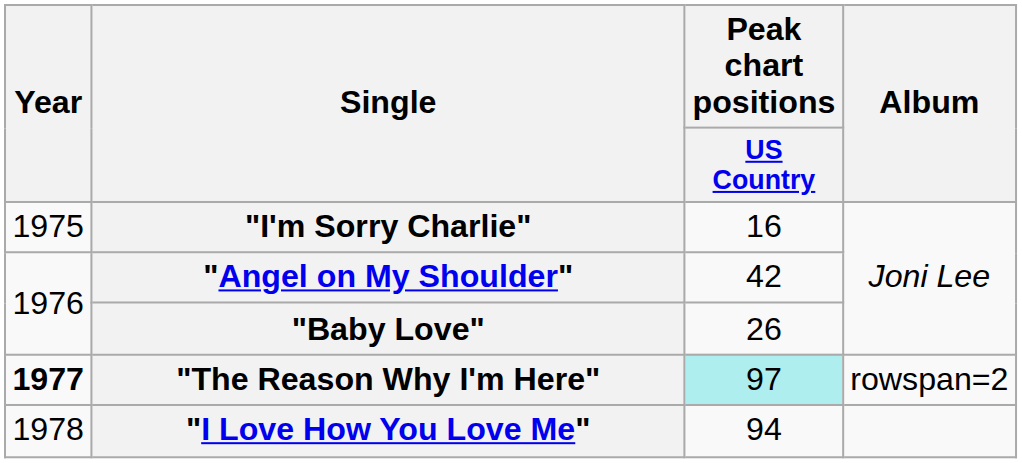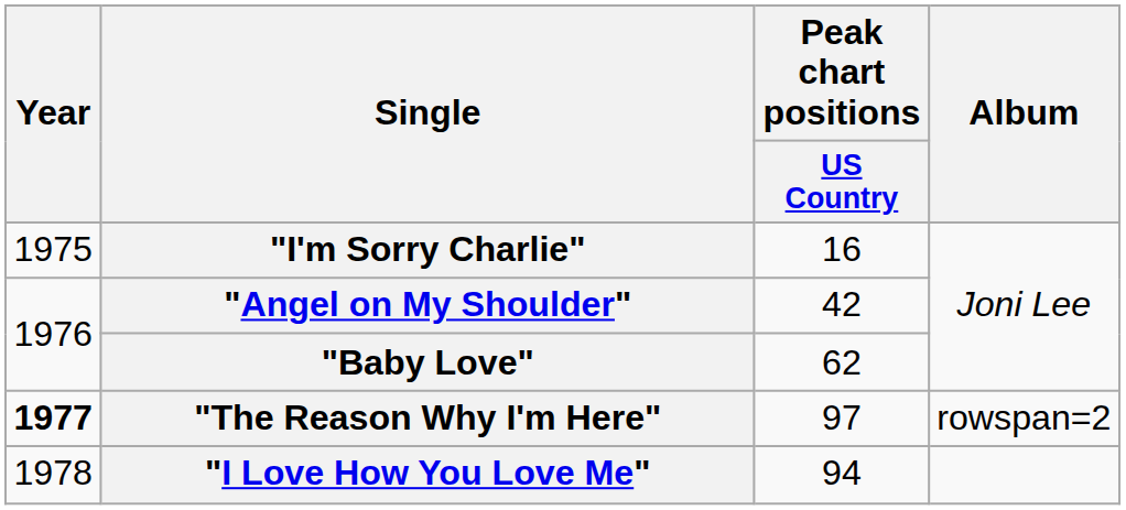 <table class="wikitable plainrowheaders" style="text-align:center;">
 <tr>
 <th rowspan="2">Year</th>
 <th rowspan="2" style="width:18em;">Single</th>
 <th colspan="1">Peak chart<br>positions</th>
 <th rowspan="2">Album</th>
 </tr>
 <tr style="font-size:smaller;">
 <th width="45"><a href='#'>US Country</a></th>
 </tr>
 <tr>
 <td>1975</td>
 <th scope="row">"I'm Sorry Charlie"</th>
 <td>16</td>
 <td rowspan=3><em>Joni Lee</em></td>
 </tr>
 <tr>
 <td rowspan=2>1976</td>
 <th scope="row">"<a href='#'>Angel on My Shoulder</a>"</th>
 <td>42</td>
 </tr>
 <tr>
 <th scope="row">"Baby Love"</th>
-<td>26</td>
+<td>62</td>
 </tr>
 <tr>
 <td><strong>1977</strong></td>
 <th scope="row">"The Reason Why I'm Here"</th>
-<td style="background: paleturquoise;">97</td>
+<td>97</td>
 <td>rowspan=2 </td>
 </tr>
 <tr>
 <td>1978</td>
 <th scope="row">"<a href='#'>I Love How You Love Me</a>"</th>
 <td>94</td>
 </tr>
 </table>
